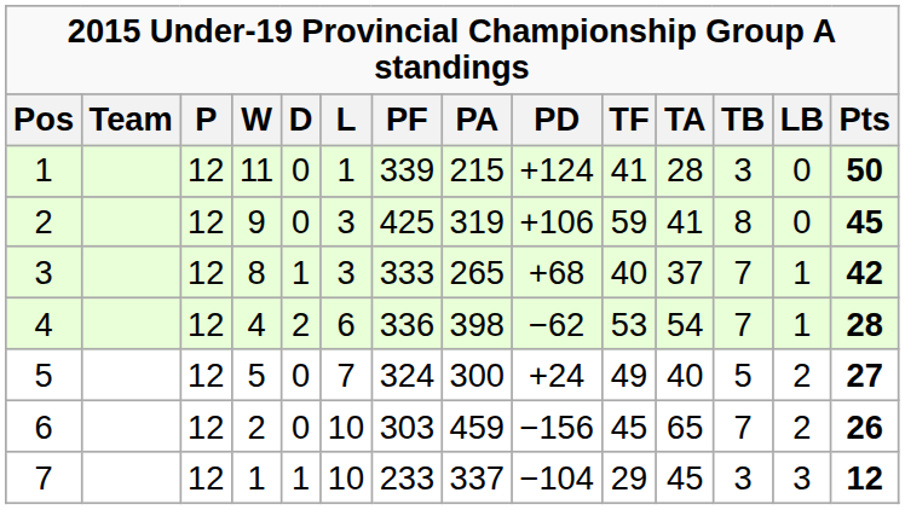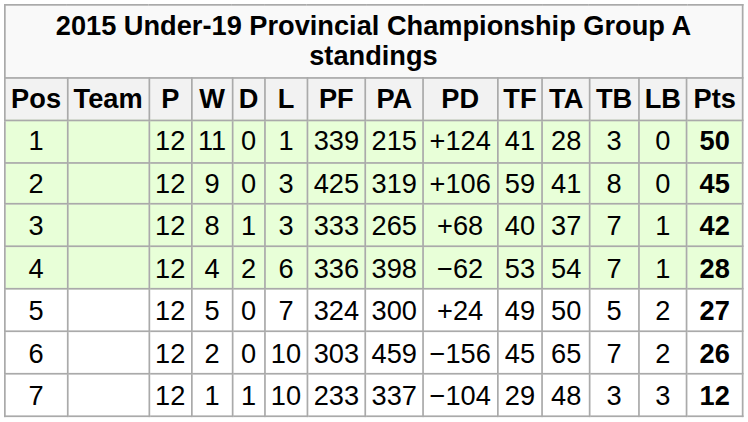 <table class="wikitable" style="text-align:center; line-height:110%; font-size:100%; width:60%;">
 <tr>
 <td colspan="14" cellpadding="0" cellspacing="0"><strong>2015 Under-19 Provincial Championship Group A standings</strong></td>
 </tr>
 <tr>
 <th style="width:5%;">Pos</th>
 <th style="width:35%;">Team</th>
 <th style="width:5%;">P</th>
 <th style="width:5%;">W</th>
 <th style="width:5%;">D</th>
 <th style="width:5%;">L</th>
 <th style="width:5%;">PF</th>
 <th style="width:5%;">PA</th>
 <th style="width:5%;">PD</th>
 <th style="width:5%;">TF</th>
 <th style="width:5%;">TA</th>
 <th style="width:5%;">TB</th>
 <th style="width:5%;">LB</th>
 <th style="width:5%;">Pts<br></th>
 </tr>
 <tr style="background:#E8FFD8;">
 <td>1</td>
 <td align=left></td>
 <td>12</td>
 <td>11</td>
 <td>0</td>
 <td>1</td>
 <td>339</td>
 <td>215</td>
 <td>+124</td>
 <td>41</td>
 <td>28</td>
 <td>3</td>
 <td>0</td>
 <td><strong>50</strong></td>
 </tr>
 <tr style="background:#E8FFD8;">
 <td>2</td>
 <td align=left></td>
 <td>12</td>
 <td>9</td>
 <td>0</td>
 <td>3</td>
 <td>425</td>
 <td>319</td>
 <td>+106</td>
 <td>59</td>
 <td>41</td>
 <td>8</td>
 <td>0</td>
 <td><strong>45</strong></td>
 </tr>
 <tr style="background:#E8FFD8;">
 <td>3</td>
 <td align=left></td>
 <td>12</td>
 <td>8</td>
 <td>1</td>
 <td>3</td>
 <td>333</td>
 <td>265</td>
 <td>+68</td>
 <td>40</td>
 <td>37</td>
 <td>7</td>
 <td>1</td>
 <td><strong>42</strong></td>
 </tr>
 <tr style="background:#E8FFD8;">
 <td>4</td>
 <td align=left></td>
 <td>12</td>
 <td>4</td>
 <td>2</td>
 <td>6</td>
 <td>336</td>
 <td>398</td>
 <td>−62</td>
 <td>53</td>
 <td>54</td>
 <td>7</td>
 <td>1</td>
 <td><strong>28</strong></td>
 </tr>
 <tr style="background:#FFFFFF;">
 <td>5</td>
 <td align=left></td>
 <td>12</td>
 <td>5</td>
 <td>0</td>
 <td>7</td>
 <td>324</td>
 <td>300</td>
 <td>+24</td>
 <td>49</td>
-<td>40</td>
+<td>50</td>
 <td>5</td>
 <td>2</td>
 <td><strong>27</strong></td>
 </tr>
 <tr style="background:#FFFFFF;">
 <td>6</td>
 <td align=left></td>
 <td>12</td>
 <td>2</td>
 <td>0</td>
 <td>10</td>
 <td>303</td>
 <td>459</td>
 <td>−156</td>
 <td>45</td>
 <td>65</td>
 <td>7</td>
 <td>2</td>
 <td><strong>26</strong></td>
 </tr>
 <tr style="background:#FFFFFF;">
 <td>7</td>
 <td align=left></td>
 <td>12</td>
 <td>1</td>
 <td>1</td>
 <td>10</td>
 <td>233</td>
 <td>337</td>
 <td>−104</td>
 <td>29</td>
-<td>45</td>
+<td>48</td>
 <td>3</td>
 <td>3</td>
 <td><strong>12</strong></td>
 </tr>
 </table>
